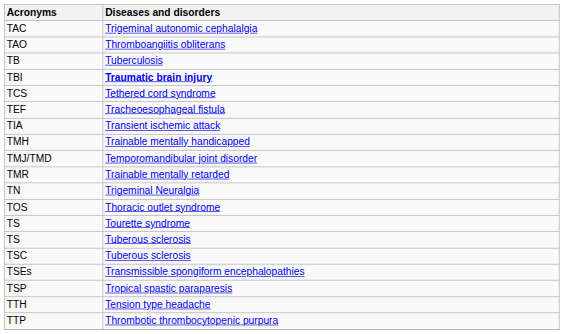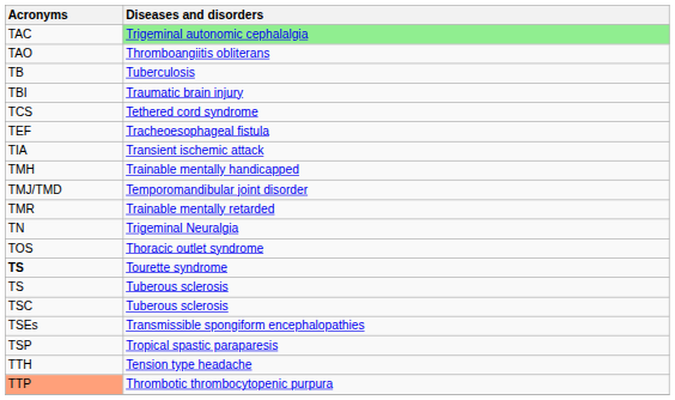 <table class="wikitable sortable">
 <tr>
 <th width=170px style=text-align:left>Acronyms</th>
 <th width=900px style=text-align:left>Diseases and disorders</th>
 </tr>
 <tr>
 <td>TAC</td>
-<td><a href='#'>Trigeminal autonomic cephalalgia</a></td>
+<td style="background: lightgreen;"><a href='#'>Trigeminal autonomic cephalalgia</a></td>
 </tr>
 <tr>
 <td>TAO</td>
 <td><a href='#'>Thromboangiitis obliterans</a></td>
 </tr>
 <tr>
 <td>TB</td>
 <td><a href='#'>Tuberculosis</a></td>
 </tr>
 <tr>
 <td>TBI</td>
-<td><strong><a href='#'>Traumatic brain injury</a></strong></td>
+<td><a href='#'>Traumatic brain injury</a></td>
 </tr>
 <tr>
 <td>TCS</td>
 <td><a href='#'>Tethered cord syndrome</a></td>
 </tr>
 <tr>
 <td>TEF</td>
 <td><a href='#'>Tracheoesophageal fistula</a></td>
 </tr>
 <tr>
 <td>TIA</td>
 <td><a href='#'>Transient ischemic attack</a></td>
 </tr>
 <tr>
 <td>TMH</td>
 <td><a href='#'>Trainable mentally handicapped</a></td>
 </tr>
 <tr>
 <td>TMJ/TMD</td>
 <td><a href='#'>Temporomandibular joint disorder</a></td>
 </tr>
 <tr>
 <td>TMR</td>
 <td><a href='#'>Trainable mentally retarded</a></td>
 </tr>
 <tr>
 <td>TN</td>
 <td><a href='#'>Trigeminal Neuralgia</a></td>
 </tr>
 <tr>
 <td>TOS</td>
 <td><a href='#'>Thoracic outlet syndrome</a></td>
 </tr>
 <tr>
-<td>TS</td>
+<td><strong>TS</strong></td>
 <td><a href='#'>Tourette syndrome</a></td>
 </tr>
 <tr>
 <td>TS</td>
 <td><a href='#'>Tuberous sclerosis</a></td>
 </tr>
 <tr>
 <td>TSC</td>
 <td><a href='#'>Tuberous sclerosis</a></td>
 </tr>
 <tr>
 <td>TSEs</td>
 <td><a href='#'>Transmissible spongiform encephalopathies</a></td>
 </tr>
 <tr>
 <td>TSP</td>
 <td><a href='#'>Tropical spastic paraparesis</a></td>
 </tr>
 <tr>
 <td>TTH</td>
 <td><a href='#'>Tension type headache</a></td>
 </tr>
 <tr>
-<td>TTP</td>
+<td style="background: lightsalmon;">TTP</td>
 <td><a href='#'>Thrombotic thrombocytopenic purpura</a></td>
 </tr>
 <tr>
 </tr>
 </table>
